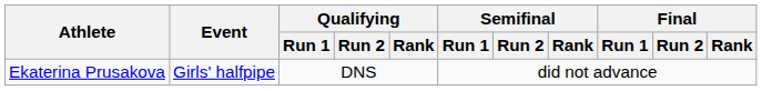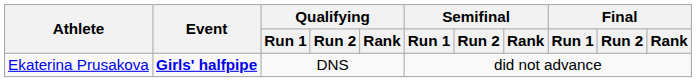 <table class="wikitable" style="font-size:90%; text-align:center;">
 <tr>
 <th rowspan=2>Athlete</th>
 <th rowspan=2>Event</th>
 <th colspan=3>Qualifying</th>
 <th colspan=3>Semifinal</th>
 <th colspan=3>Final</th>
 </tr>
 <tr>
 <th>Run 1</th>
 <th>Run 2</th>
 <th>Rank</th>
 <th>Run 1</th>
 <th>Run 2</th>
 <th>Rank</th>
 <th>Run 1</th>
 <th>Run 2</th>
 <th>Rank</th>
 </tr>
 <tr>
 <td align=left><a href='#'>Ekaterina Prusakova</a></td>
-<td align=left><a href='#'>Girls' halfpipe</a></td>
+<td align=left><strong><a href='#'>Girls' halfpipe</a></strong></td>
 <td colspan=3>DNS</td>
 <td colspan=6>did not advance</td>
 </tr>
 </table>
